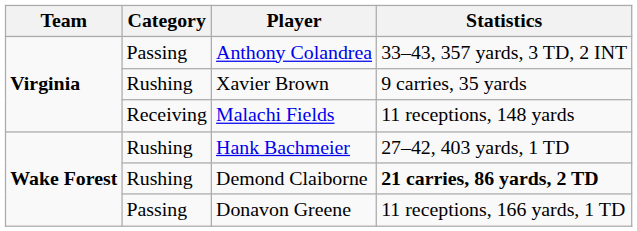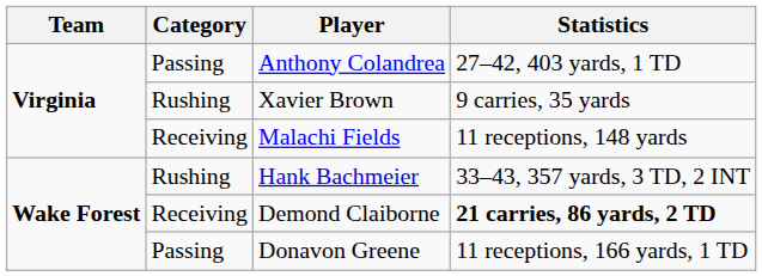 <table class="wikitable" style="float: right;">
 <tr>
 <th>Team</th>
 <th>Category</th>
 <th>Player</th>
 <th>Statistics</th>
 </tr>
 <tr>
 <td rowspan=3><strong>Virginia</strong></td>
 <td>Passing</td>
 <td><a href='#'>Anthony Colandrea</a></td>
-<td>33–43, 357 yards, 3 TD, 2 INT</td>
+<td>27–42, 403 yards, 1 TD</td>
 </tr>
 <tr>
 <td>Rushing</td>
 <td>Xavier Brown</td>
 <td>9 carries, 35 yards</td>
 </tr>
 <tr>
 <td>Receiving</td>
 <td><a href='#'>Malachi Fields</a></td>
 <td>11 receptions, 148 yards</td>
 </tr>
 <tr>
 <td rowspan=3><strong>Wake Forest</strong></td>
 <td>Rushing</td>
 <td><a href='#'>Hank Bachmeier</a></td>
-<td>27–42, 403 yards, 1 TD</td>
+<td>33–43, 357 yards, 3 TD, 2 INT</td>
 </tr>
 <tr>
-<td>Rushing</td>
+<td>Receiving</td>
 <td>Demond Claiborne</td>
 <td><strong>21 carries, 86 yards, 2 TD</strong></td>
 </tr>
 <tr>
 <td>Passing</td>
 <td>Donavon Greene</td>
 <td>11 receptions, 166 yards, 1 TD</td>
 </tr>
 </table>
